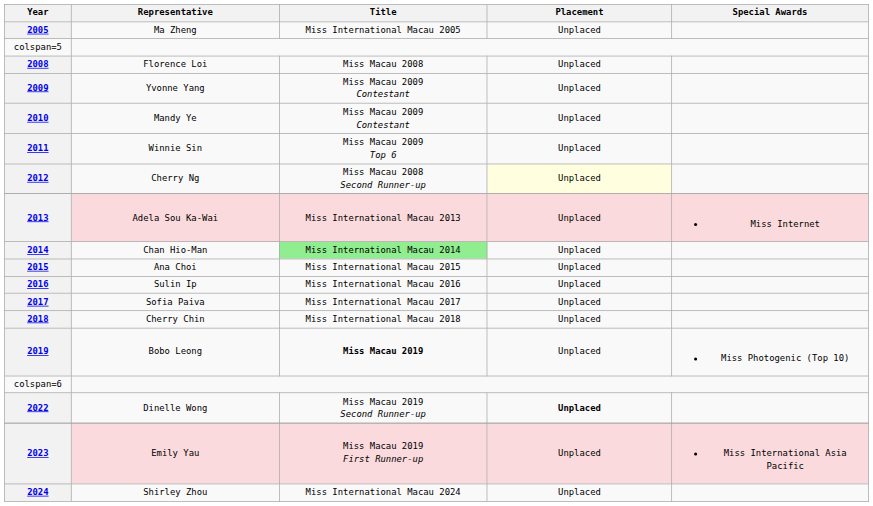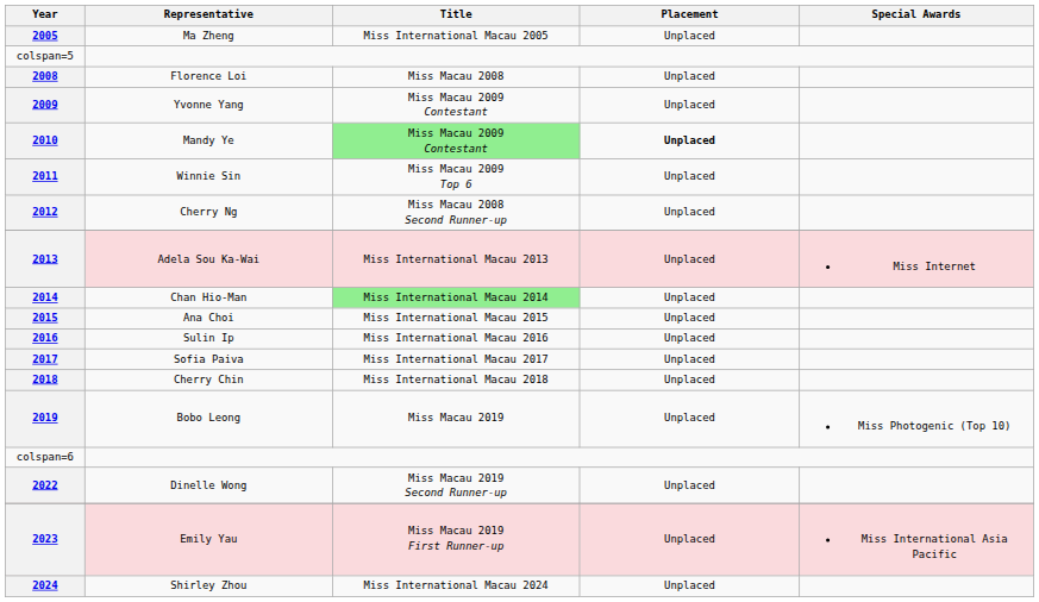 <table class="wikitable" style="text-align:center; font-size:90%; line-height:17px; width:90%;">
 <tr>
 <th style="width:05%;" scope="col">Year</th>
 <th style="width:18%;" scope="col">Representative</th>
 <th style="width:18%;" scope="col">Title</th>
 <th style="width:16%;" scope="col">Placement</th>
 <th style="width:17%;" scope="col">Special Awards</th>
 </tr>
 <tr>
 <th><a href='#'>2005</a></th>
 <td>Ma Zheng</td>
 <td>Miss International Macau 2005</td>
 <td>Unplaced</td>
 <td></td>
 </tr>
 <tr>
 <td>colspan=5 </td>
 </tr>
 <tr>
 <th><a href='#'>2008</a></th>
 <td>Florence Loi</td>
 <td>Miss Macau 2008</td>
 <td>Unplaced</td>
 <td></td>
 </tr>
 <tr>
 <th><a href='#'>2009</a></th>
 <td>Yvonne Yang</td>
 <td>Miss Macau 2009<br><em>Contestant</em></td>
 <td>Unplaced</td>
 <td></td>
 </tr>
 <tr>
 <th><a href='#'>2010</a></th>
 <td>Mandy Ye</td>
-<td>Miss Macau 2009<br><em>Contestant</em></td>
-<td>Unplaced</td>
+<td style="background: lightgreen;">Miss Macau 2009<br><em>Contestant</em></td>
+<td><strong>Unplaced</strong></td>
 <td></td>
 </tr>
 <tr>
 <th><a href='#'>2011</a></th>
 <td>Winnie Sin</td>
 <td>Miss Macau 2009<br><em>Top 6</em></td>
 <td>Unplaced</td>
 <td></td>
 </tr>
 <tr>
 <th><a href='#'>2012</a></th>
 <td>Cherry Ng</td>
 <td>Miss Macau 2008<br><em>Second Runner-up</em></td>
-<td style="background: lightyellow;">Unplaced</td>
+<td>Unplaced</td>
 <td></td>
 </tr>
 <tr>
 </tr>
 <tr style="background-color:#FADADD; ">
 <th><a href='#'>2013</a></th>
 <td>Adela Sou Ka-Wai</td>
 <td>Miss International Macau 2013</td>
 <td>Unplaced</td>
 <td><br><ul><li>Miss Internet</li></ul></td>
 </tr>
 <tr>
 <th><a href='#'>2014</a></th>
 <td>Chan Hio-Man</td>
 <td style="background: lightgreen;">Miss International Macau 2014</td>
 <td>Unplaced</td>
 <td></td>
 </tr>
 <tr>
 <th><a href='#'>2015</a></th>
 <td>Ana Choi</td>
 <td>Miss International Macau 2015</td>
 <td>Unplaced</td>
 <td></td>
 </tr>
 <tr>
 <th><a href='#'>2016</a></th>
 <td>Sulin Ip</td>
 <td>Miss International Macau 2016</td>
 <td>Unplaced</td>
 <td></td>
 </tr>
 <tr>
 <th><a href='#'>2017</a></th>
 <td>Sofia Paiva</td>
 <td>Miss International Macau 2017</td>
 <td>Unplaced</td>
 <td></td>
 </tr>
 <tr>
 <th><a href='#'>2018</a></th>
 <td>Cherry Chin</td>
 <td>Miss International Macau 2018</td>
 <td>Unplaced</td>
 <td></td>
 </tr>
 <tr>
 <th><a href='#'>2019</a></th>
 <td>Bobo Leong</td>
-<td><strong>Miss Macau 2019</strong></td>
+<td>Miss Macau 2019</td>
 <td>Unplaced</td>
 <td><br><ul><li>Miss Photogenic (Top 10)</li></ul></td>
 </tr>
 <tr>
 <td>colspan=6 </td>
 </tr>
 <tr>
 <th><a href='#'>2022</a></th>
 <td>Dinelle Wong</td>
 <td>Miss Macau 2019<br><em>Second Runner-up</em></td>
-<td><strong>Unplaced</strong></td>
+<td>Unplaced</td>
 <td></td>
 </tr>
 <tr>
 </tr>
 <tr style="background-color:#FADADD; ">
 <th><a href='#'>2023</a></th>
 <td>Emily  Yau</td>
 <td>Miss Macau 2019<br><em>First Runner-up</em></td>
 <td>Unplaced</td>
 <td><br><ul><li>Miss International Asia Pacific</li></ul></td>
 </tr>
 <tr>
 <th><a href='#'>2024</a></th>
 <td>Shirley Zhou</td>
 <td>Miss International Macau 2024</td>
 <td>Unplaced</td>
 <td></td>
 </tr>
 </table>
